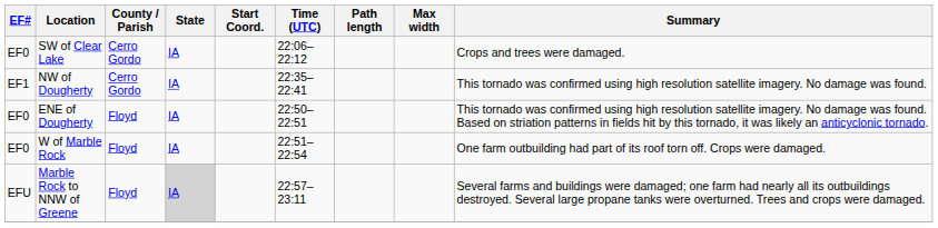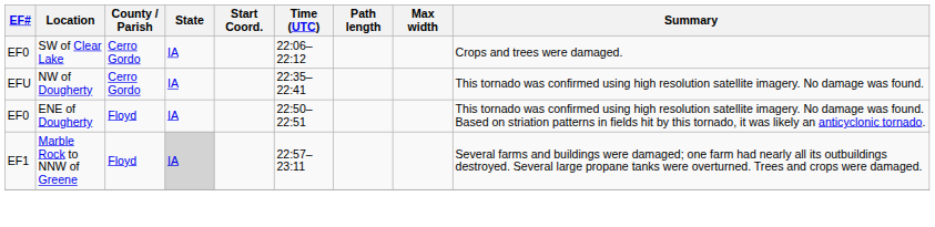 <table class="wikitable sortable" style="width:100%;">
 <tr>
 <th scope="col"  style="width:3%; text-align:center;"><a href='#'>EF#</a></th>
 <th scope="col"  style="width:7%; text-align:center;" class="unsortable">Location</th>
 <th scope="col"  style="width:6%; text-align:center;" class="unsortable">County / Parish</th>
 <th scope="col"  style="width:5%; text-align:center;">State</th>
 <th scope="col"  style="width:6%; text-align:center;">Start Coord.</th>
 <th scope="col"  style="width:6%; text-align:center;">Time (<a href='#'>UTC</a>)</th>
 <th scope="col"  style="width:6%; text-align:center;">Path length</th>
 <th scope="col"  style="width:6%; text-align:center;">Max width</th>
 <th scope="col" class="unsortable" style="width:48%; text-align:center;">Summary</th>
 </tr>
 <tr>
 <td>EF0</td>
 <td>SW of <a href='#'>Clear Lake</a></td>
 <td><a href='#'>Cerro Gordo</a></td>
 <td><a href='#'>IA</a></td>
 <td></td>
 <td>22:06–22:12</td>
 <td></td>
 <td></td>
 <td>Crops and trees were damaged.</td>
 </tr>
 <tr>
-<td>EF1</td>
+<td>EFU</td>
 <td>NW of <a href='#'>Dougherty</a></td>
 <td><a href='#'>Cerro Gordo</a></td>
 <td><a href='#'>IA</a></td>
 <td></td>
 <td>22:35–22:41</td>
 <td></td>
 <td></td>
 <td>This tornado was confirmed using high resolution satellite imagery. No damage was found.</td>
 </tr>
 <tr>
 <td>EF0</td>
 <td>ENE of <a href='#'>Dougherty</a></td>
 <td><a href='#'>Floyd</a></td>
 <td><a href='#'>IA</a></td>
 <td></td>
 <td>22:50–22:51</td>
 <td></td>
 <td></td>
 <td>This tornado was confirmed using high resolution satellite imagery. No damage was found. Based on striation patterns in fields hit by this tornado, it was likely an <a href='#'>anticyclonic tornado</a>.</td>
 </tr>
 <tr>
-<td>EF0</td>
-<td>W of <a href='#'>Marble Rock</a></td>
-<td><a href='#'>Floyd</a></td>
-<td><a href='#'>IA</a></td>
-<td></td>
-<td>22:51–22:54</td>
-<td></td>
-<td></td>
-<td>One farm outbuilding had part of its roof torn off. Crops were damaged.</td>
-</tr>
-<tr>
-<td>EFU</td>
+<td>EF1</td>
 <td><a href='#'>Marble Rock</a> to NNW of <a href='#'>Greene</a></td>
 <td><a href='#'>Floyd</a></td>
 <td style="background: lightgrey;"><a href='#'>IA</a></td>
 <td></td>
 <td>22:57–23:11</td>
 <td></td>
 <td></td>
 <td>Several farms and buildings were damaged; one farm had nearly all its outbuildings destroyed. Several large propane tanks were overturned. Trees and crops were damaged.</td>
 </tr>
 <tr>
 </tr>
 </table>
